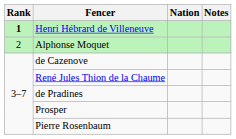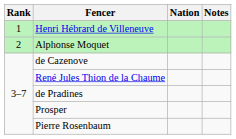 <table class="wikitable sortable" style="text-align:center">
 <tr>
 <th>Rank</th>
 <th>Fencer</th>
 <th>Nation</th>
 <th>Notes</th>
 </tr>
 <tr bgcolor=bbf3bb>
-<td><strong>1</strong></td>
+<td>1</td>
 <td align=left><a href='#'>Henri Hébrard de Villeneuve</a></td>
 <td align=left></td>
 <td></td>
 </tr>
 <tr bgcolor=bbf3bb>
 <td>2</td>
 <td align=left>Alphonse Moquet</td>
 <td align=left></td>
 <td></td>
 </tr>
 <tr>
 <td rowspan=5 align=center>3–7</td>
 <td align=left>de Cazenove</td>
 <td align=left></td>
 <td></td>
 </tr>
 <tr>
 <td align=left><a href='#'>René Jules Thion de la Chaume</a></td>
 <td align=left></td>
 <td></td>
 </tr>
 <tr>
 <td align=left>de Pradines</td>
 <td align=left></td>
 <td></td>
 </tr>
 <tr>
 <td align=left>Prosper</td>
 <td align=left></td>
 <td></td>
 </tr>
 <tr>
 <td align=left>Pierre Rosenbaum</td>
 <td align=left></td>
 <td></td>
 </tr>
 </table>
